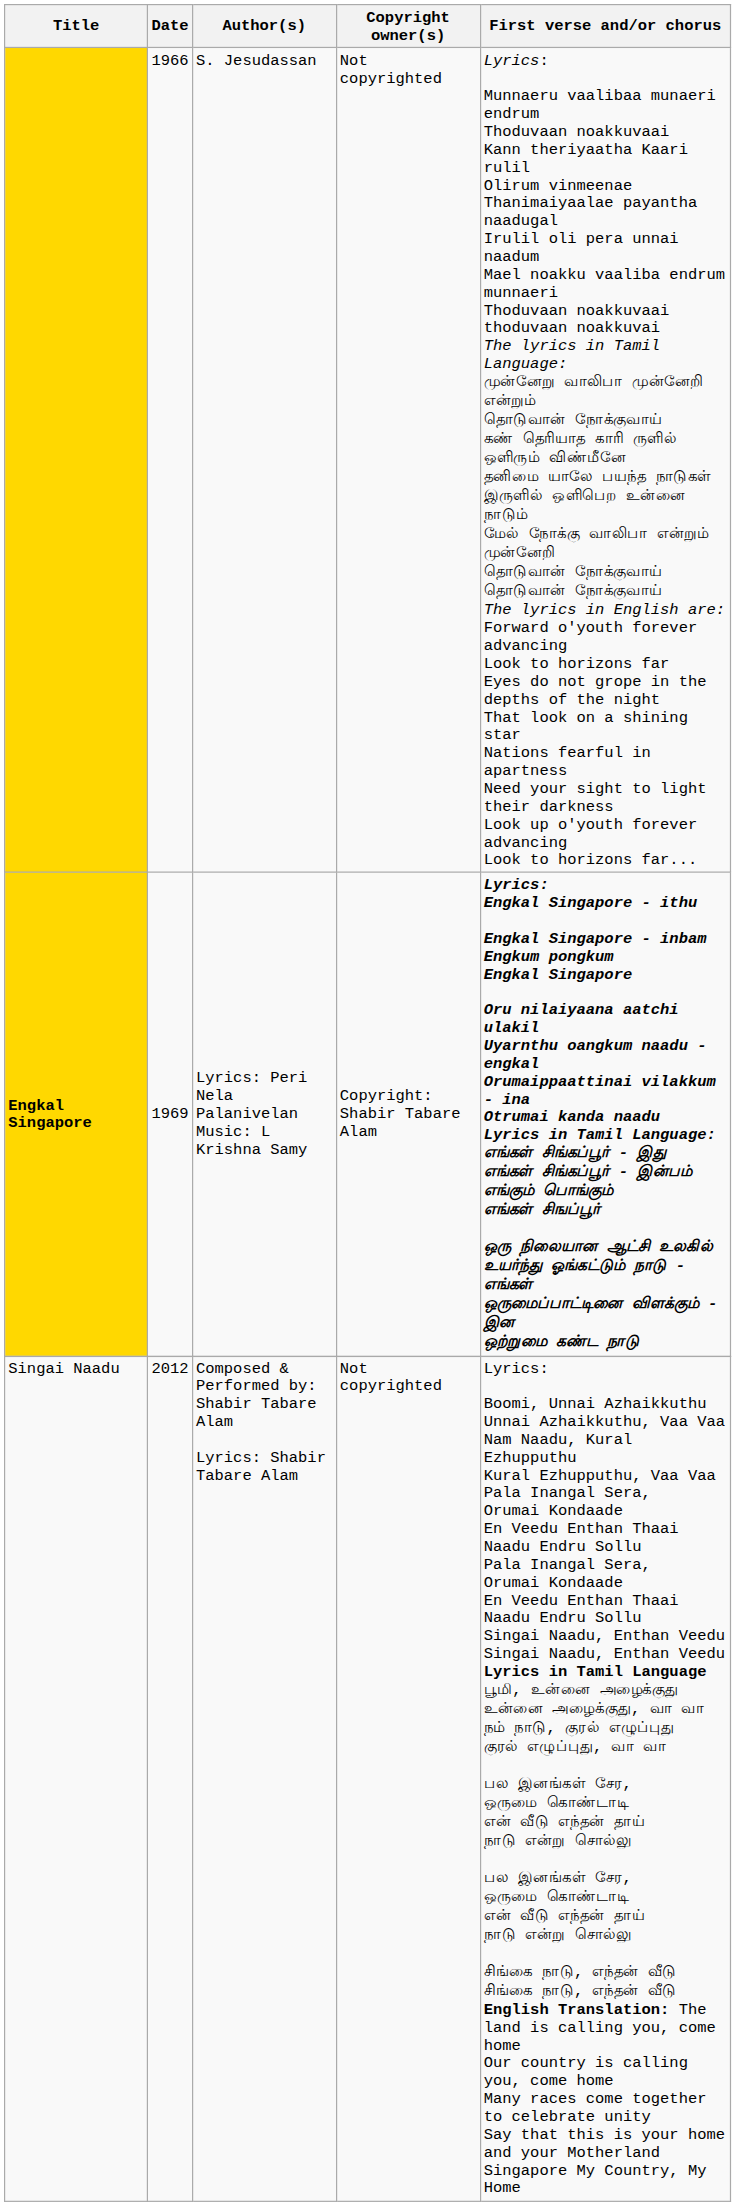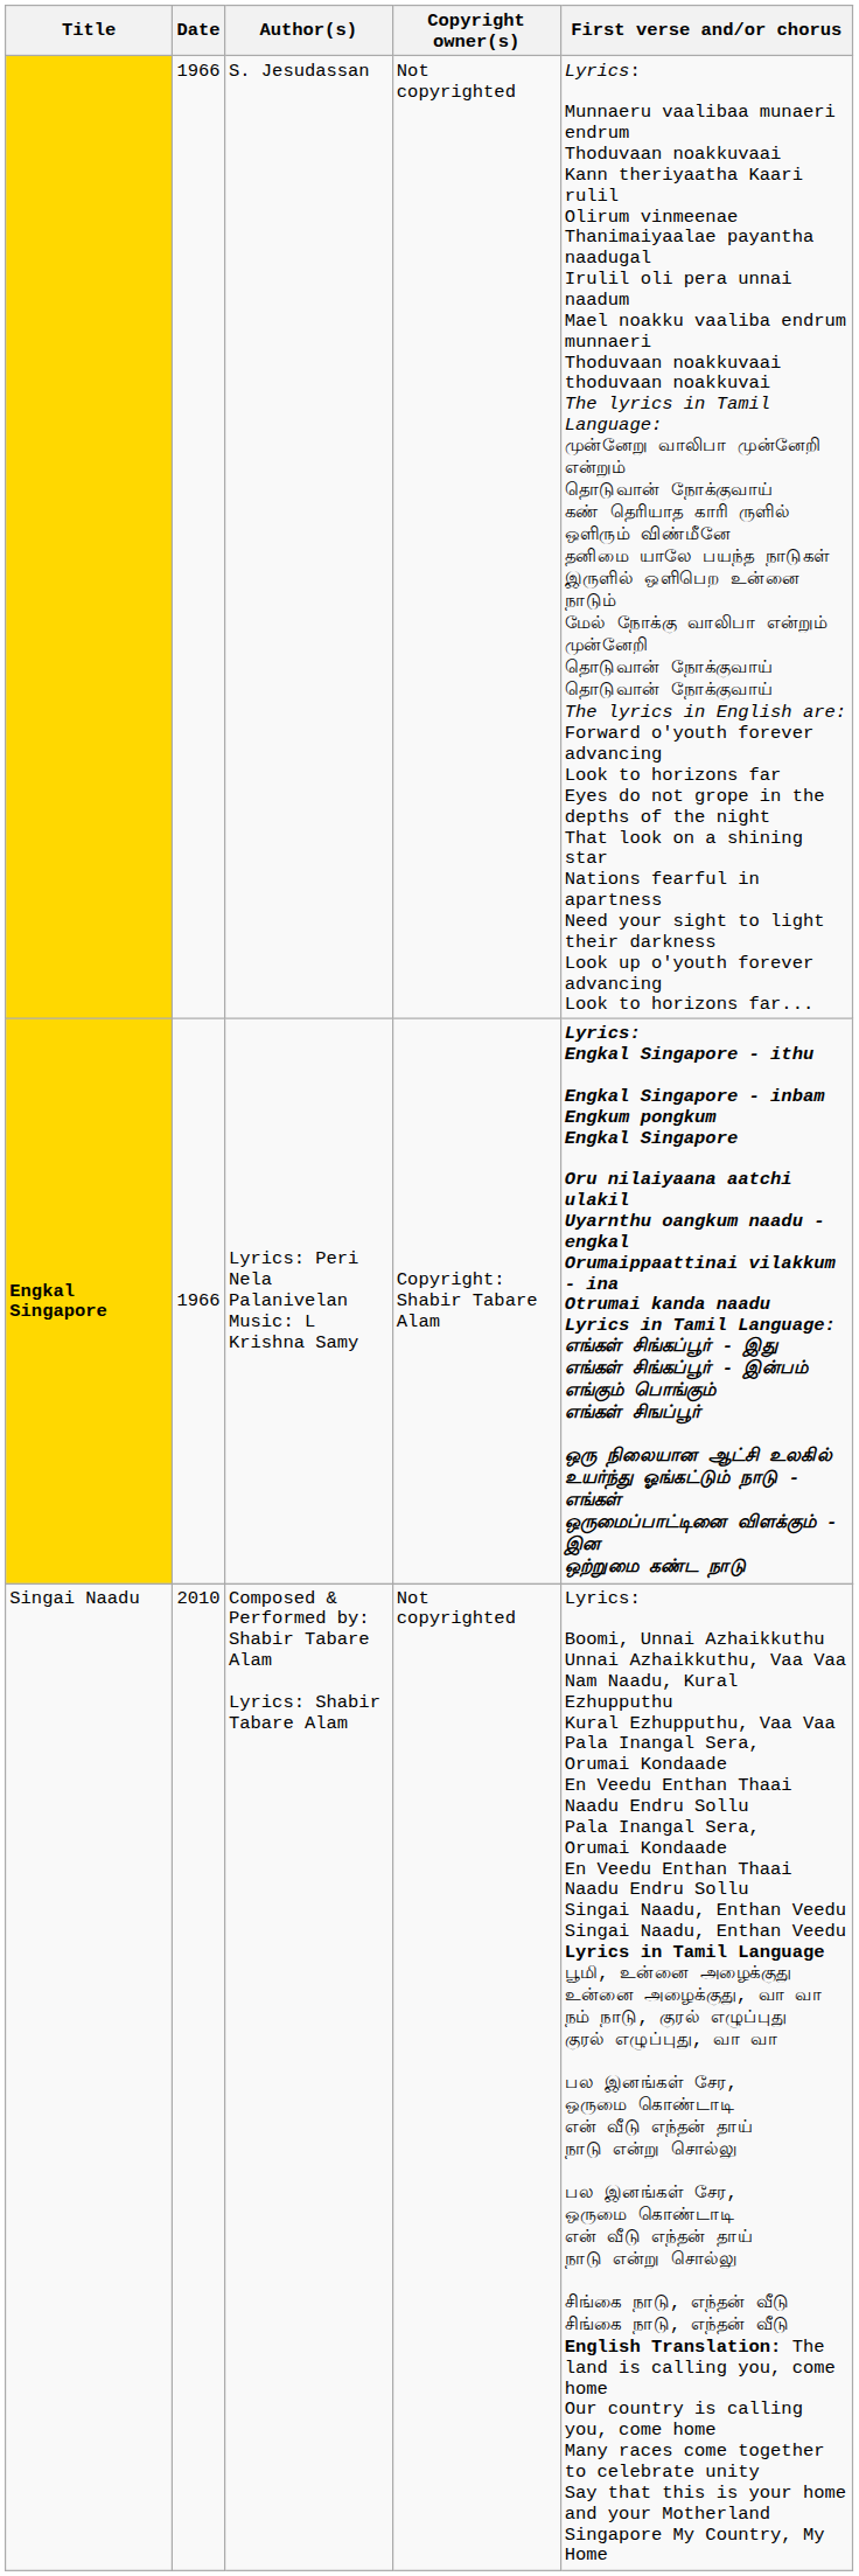 <table class=wikitable sortable>
 <tr>
 <th width=20%>Title</th>
 <th width=5%>Date</th>
 <th width=20%>Author(s)</th>
 <th width=20%>Copyright owner(s)</th>
 <th width=35%>First verse and/or chorus</th>
 </tr>
 <tr valign=top>
 <td bgcolor=#FFD800><strong></strong></td>
 <td align=center>1966</td>
 <td>S. Jesudassan</td>
 <td>Not copyrighted</td>
 <td><em>Lyrics</em>:<br><br>Munnaeru vaalibaa munaeri endrum<br> Thoduvaan noakkuvaai<br> Kann theriyaatha Kaari rulil<br> Olirum vinmeenae<br> Thanimaiyaalae payantha naadugal<br> Irulil oli pera unnai naadum<br> Mael noakku vaaliba endrum munnaeri<br> Thoduvaan noakkuvaai thoduvaan noakkuvai<br><em>The lyrics in Tamil Language:</em><br>முன்னேறு வாலிபா முன்னேறி என்றும்<br> தொடுவான் நோக்குவாய்<br> கண் தெரியாத காரி ருளில்<br> ஒளிரும் விண்மீனே<br> தனிமை யாலே பயந்த நாடுகள்<br> இருளில் ஒளிபெற உன்னை நாடும்<br> மேல் நோக்கு வாலிபா என்றும் முன்னேறி<br> தொடுவான் நோக்குவாய் தொடுவான் நோக்குவாய்<br><em>The lyrics in English are:</em><br> Forward o'youth forever advancing<br> Look to horizons far<br> Eyes do not grope in the depths of the night<br> That look on a shining star<br> Nations fearful in apartness<br> Need your sight to light their darkness<br> Look up o'youth forever advancing<br> Look to horizons far...<br></td>
 </tr>
 <tr>
 <td bgcolor=#FFD800><strong>Engkal Singapore</strong></td>
-<td>1969</td>
+<td>1966</td>
 <td>Lyrics: Peri Nela Palanivelan <br> Music: L Krishna Samy</td>
 <td>Copyright: Shabir Tabare Alam</td>
 <td><strong><em>Lyrics<em>:<strong><br>Engkal Singapore - ithu<br><br>Engkal Singapore - inbam<br> Engkum pongkum<br> Engkal Singapore<br> <br> Oru nilaiyaana aatchi ulakil<br> Uyarnthu oangkum naadu - engkal<br> Orumaippaattinai vilakkum - ina<br> Otrumai kanda naadu<br></strong>Lyrics in Tamil Language:<strong><br>எங்கள் சிங்கப்பூர் - இது<br> எங்கள் சிங்கப்பூர் - இன்பம்<br> எங்கும் பொங்கும்<br> எங்கள் சிஙப்பூர்<br> <br> ஒரு நிலையான ஆட்சி உலகில்<br> உயர்ந்து ஓங்கட்டும் நாடு - எங்கள் <br> ஒருமைப்பாட்டினை விளக்கும் - இன<br>  ஒற்றுமை கண்ட நாடு</td>
 </tr>
 <tr>
 </tr>
 <tr valign=top>
 <td></strong>Singai Naadu<strong></td>
-<td align=center>2012</td>
+<td align=center>2010</td>
 <td>Composed & Performed by: Shabir Tabare Alam <br><br>Lyrics: Shabir Tabare Alam<br></td>
 <td>Not copyrighted</td>
 <td></em></strong>Lyrics</em>:</strong><br><br>Boomi, Unnai Azhaikkuthu <br> Unnai Azhaikkuthu, Vaa Vaa <br> Nam Naadu, Kural Ezhupputhu <br> Kural Ezhupputhu, Vaa Vaa <br> Pala Inangal Sera, <br> Orumai Kondaade <br> En Veedu Enthan Thaai <br> Naadu Endru Sollu <br> Pala Inangal Sera, <br> Orumai Kondaade <br> En Veedu Enthan Thaai <br> Naadu Endru Sollu <br> Singai Naadu, Enthan Veedu <br> Singai Naadu, Enthan Veedu<br><strong>Lyrics in Tamil Language</strong><br>பூமி, உன்னை அழைக்குது<br> உன்னை அழைக்குது, வா வா<br> நம் நாடு, குரல் எழுப்புது<br> குரல் எழுப்புது, வா வா<br> <br> பல இனங்கள் சேர,<br> ஒருமை கொண்டாடி<br> என் வீடு எந்தன் தாய்<br> நாடு என்று சொல்லு<br> <br> பல இனங்கள் சேர,<br> ஒருமை கொண்டாடி<br> என் வீடு எந்தன் தாய்<br> நாடு என்று சொல்லு<br> <br> சிங்கை நாடு, எந்தன் வீடு சிங்கை நாடு, எந்தன் வீடு<br><strong>English Translation:</strong> The land is calling you, come home<br> Our country is calling you, come home<br> Many races come together to celebrate unity<br> Say that this is your home and your Motherland<br> Singapore My Country, My Home<br></td>
 </tr>
 </table>
